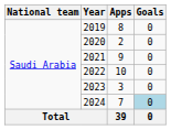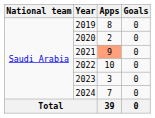 <table class=wikitable style="text-align: center">
 <tr>
 <th>National team</th>
 <th>Year</th>
 <th>Apps</th>
 <th>Goals</th>
 </tr>
 <tr>
 <td rowspan=6><a href='#'>Saudi Arabia</a></td>
 <td>2019</td>
 <td>8</td>
 <td>0</td>
 </tr>
 <tr>
 <td>2020</td>
 <td>2</td>
 <td>0</td>
 </tr>
 <tr>
 <td>2021</td>
-<td>9</td>
+<td style="background: lightsalmon;">9</td>
 <td>0</td>
 </tr>
 <tr>
 <td>2022</td>
 <td>10</td>
 <td>0</td>
 </tr>
 <tr>
 <td>2023</td>
 <td>3</td>
 <td>0</td>
 </tr>
 <tr>
 <td>2024</td>
 <td>7</td>
-<td style="background: lightblue;">0</td>
+<td>0</td>
 </tr>
 <tr>
 <th colspan=2>Total</th>
 <th>39</th>
 <th>0</th>
 </tr>
 </table>
